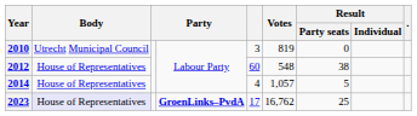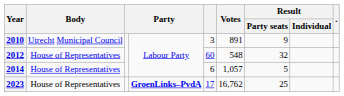 <table class="wikitable plainrowheaders sortable" border=2 cellpadding=4 cellspacing=0 style="border: 1px #aaa solid; font-size: 90%; text-align:center;">
 <tr>
 <th scope="col" rowspan=2>Year</th>
 <th scope="col" rowspan=2>Body</th>
 <th scope="col" colspan=2 rowspan=2>Party</th>
 <th scope="col" rowspan=2></th>
 <th scope="col" rowspan=2>Votes</th>
 <th scope="colgroup" colspan=2>Result</th>
 <th scope="col" rowspan=2 class="unsortable">.</th>
 </tr>
 <tr>
 <th scope="col">Party seats</th>
 <th scope="col">Individual</th>
 </tr>
 <tr>
 <th scope="row"><a href='#'>2010</a></th>
 <td><a href='#'>Utrecht</a> <a href='#'>Municipal Council</a></td>
 <td rowspan="3" style="background-color:"></td>
 <td rowspan="3"><a href='#'>Labour Party</a></td>
 <td style=text-align:right>3</td>
-<td style=text-align:right>819</td>
-<td style=text-align:right>0</td>
+<td style=text-align:right>891</td>
+<td style=text-align:right>9</td>
 <td></td>
 <td></td>
 </tr>
 <tr>
 <th scope="row"><a href='#'>2012</a></th>
 <td><a href='#'>House of Representatives</a></td>
 <td style=text-align:right><a href='#'>60</a></td>
 <td style=text-align:right>548</td>
-<td style=text-align:right>38</td>
+<td style=text-align:right>32</td>
 <td></td>
 <td></td>
 </tr>
 <tr>
 <th scope="row"><a href='#'>2014</a></th>
 <td><a href='#'>House of Representatives</a></td>
-<td style=text-align:right>4</td>
+<td style=text-align:right>6</td>
 <td style=text-align:right>1,057</td>
 <td style=text-align:right>5</td>
 <td></td>
 <td></td>
 </tr>
 <tr>
 <th scope="row"><a href='#'>2023</a></th>
-<td style="background: lavender;">House of Representatives</td>
+<td>House of Representatives</td>
 <td style="background-color:"></td>
 <td><strong><a href='#'>GroenLinks–PvdA</a></strong></td>
 <td style=text-align:right><a href='#'>17</a></td>
 <td style=text-align:right>16,762</td>
 <td style=text-align:right>25</td>
 <td></td>
 <td></td>
 </tr>
 </table>
